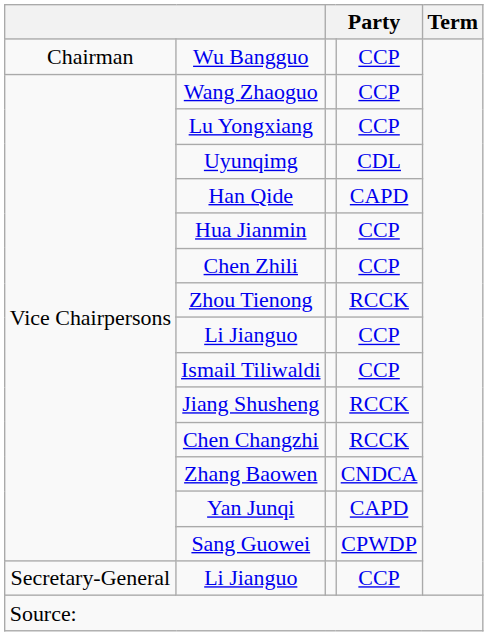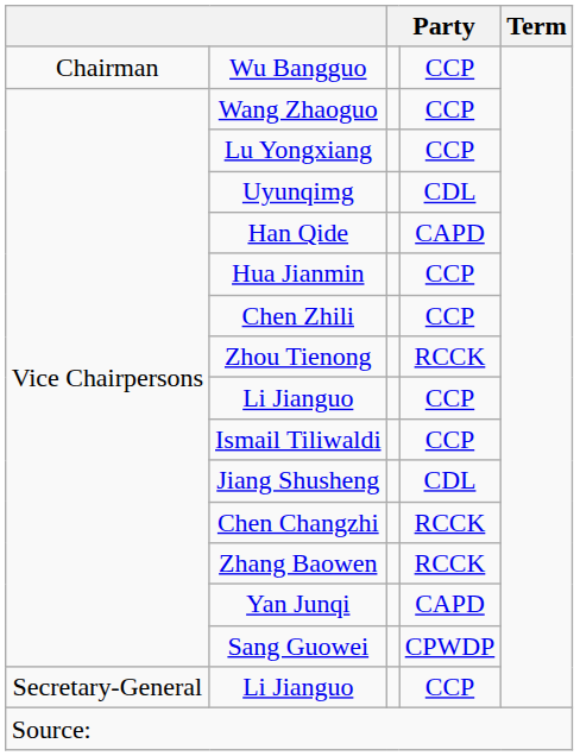 <table class="wikitable" style="text-align:center">
 <tr>
 <th colspan="2"></th>
 <th colspan="2">Party</th>
 <th>Term</th>
 </tr>
 <tr>
 <td>Chairman</td>
 <td><a href='#'>Wu Bangguo</a></td>
 <td style="background:"></td>
 <td><a href='#'>CCP</a></td>
 <td rowspan="16"></td>
 </tr>
 <tr>
 <td rowspan="14">Vice Chairpersons</td>
 <td><a href='#'>Wang Zhaoguo</a></td>
 <td style="background:"></td>
 <td><a href='#'>CCP</a></td>
 </tr>
 <tr>
 <td><a href='#'>Lu Yongxiang</a></td>
 <td style="background:"></td>
 <td><a href='#'>CCP</a></td>
 </tr>
 <tr>
 <td><a href='#'>Uyunqimg</a></td>
 <td style="background:"></td>
 <td><a href='#'>CDL</a></td>
 </tr>
 <tr>
 <td><a href='#'>Han Qide</a></td>
 <td style="background:"></td>
 <td><a href='#'>CAPD</a></td>
 </tr>
 <tr>
 <td><a href='#'>Hua Jianmin</a></td>
 <td style="background:"></td>
 <td><a href='#'>CCP</a></td>
 </tr>
 <tr>
 <td><a href='#'>Chen Zhili</a></td>
 <td style="background:"></td>
 <td><a href='#'>CCP</a></td>
 </tr>
 <tr>
 <td><a href='#'>Zhou Tienong</a></td>
 <td style="background:"></td>
 <td><a href='#'>RCCK</a></td>
 </tr>
 <tr>
 <td><a href='#'>Li Jianguo</a></td>
 <td style="background:"></td>
 <td><a href='#'>CCP</a></td>
 </tr>
 <tr>
 <td><a href='#'>Ismail Tiliwaldi</a></td>
 <td style="background:"></td>
 <td><a href='#'>CCP</a></td>
 </tr>
 <tr>
 <td><a href='#'>Jiang Shusheng</a></td>
 <td style="background:"></td>
-<td><a href='#'>RCCK</a></td>
+<td><a href='#'>CDL</a></td>
 </tr>
 <tr>
 <td><a href='#'>Chen Changzhi</a></td>
 <td style="background:"></td>
 <td><a href='#'>RCCK</a></td>
 </tr>
 <tr>
 <td><a href='#'>Zhang Baowen</a></td>
 <td style="background:"></td>
-<td><a href='#'>CNDCA</a></td>
+<td><a href='#'>RCCK</a></td>
 </tr>
 <tr>
 <td><a href='#'>Yan Junqi</a></td>
 <td style="background:"></td>
 <td><a href='#'>CAPD</a></td>
 </tr>
 <tr>
 <td><a href='#'>Sang Guowei</a></td>
 <td style="background:"></td>
 <td><a href='#'>CPWDP</a></td>
 </tr>
 <tr>
 <td>Secretary-General</td>
 <td><a href='#'>Li Jianguo</a></td>
 <td style="background:"></td>
 <td><a href='#'>CCP</a></td>
 </tr>
 <tr>
 <td colspan="5" align="left">Source:</td>
 </tr>
 </table>
